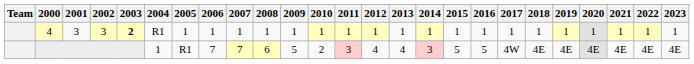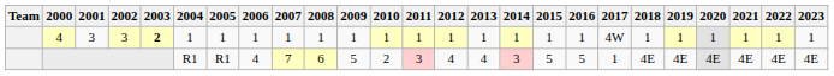 <table class="wikitable" style="font-size:85%; text-align: center;">
 <tr>
 <th scope="col">Team</th>
 <th scope="col">2000</th>
 <th scope="col">2001</th>
 <th scope="col">2002</th>
 <th scope="col">2003</th>
 <th scope="col">2004</th>
 <th scope="col">2005</th>
 <th scope="col">2006</th>
 <th scope="col">2007</th>
 <th scope="col">2008</th>
 <th scope="col">2009</th>
 <th scope="col">2010</th>
 <th scope="col">2011</th>
 <th scope="col">2012</th>
 <th scope="col">2013</th>
 <th scope="col">2014</th>
 <th scope="col">2015</th>
 <th scope="col">2016</th>
 <th scope="col">2017</th>
 <th scope="col">2018</th>
 <th scope="col">2019</th>
 <th scope="col">2020</th>
 <th scope="col">2021</th>
 <th scope="col">2022</th>
 <th scope="col">2023</th>
 </tr>
 <tr>
 <th scope="row"></th>
 <td bgcolor="#ffffbf">4</td>
 <td>3</td>
 <td bgcolor="#ffffbf">3</td>
 <td bgcolor="#ffffbf"><strong>2</strong></td>
-<td>R1</td>
+<td>1</td>
 <td>1</td>
 <td>1</td>
 <td>1</td>
 <td>1</td>
 <td>1</td>
 <td bgcolor="#ffffbf">1</td>
 <td bgcolor="#ffffbf">1</td>
 <td bgcolor="#ffffbf">1</td>
 <td>1</td>
 <td bgcolor="#ffffbf">1</td>
 <td>1</td>
 <td>1</td>
-<td>1</td>
+<td>4W</td>
 <td>1</td>
 <td bgcolor="#ffffbf">1</td>
 <td bgcolor="#e2e2e2">1</td>
 <td bgcolor="#ffffbf">1</td>
 <td bgcolor="#ffffbf">1</td>
 <td>1</td>
 </tr>
 <tr>
 <th scope="row"></th>
 <td bgcolor="#ececec" colspan="4"></td>
-<td>1</td>
 <td>R1</td>
-<td>7</td>
+<td>R1</td>
+<td>4</td>
 <td bgcolor="#ffffbf">7</td>
 <td bgcolor="#ffffbf">6</td>
 <td>5</td>
 <td>2</td>
 <td bgcolor="#ffcfcf">3</td>
 <td>4</td>
 <td>4</td>
 <td bgcolor="#ffcfcf">3</td>
 <td>5</td>
 <td>5</td>
-<td>4W</td>
+<td>1</td>
 <td>4E</td>
 <td>4E</td>
 <td bgcolor="#e2e2e2">4E</td>
 <td>4E</td>
 <td>4E</td>
 <td>4E</td>
 </tr>
 </table>
